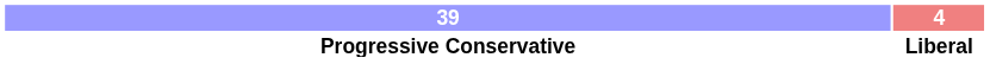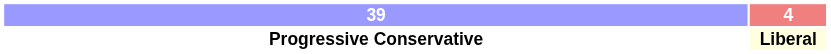 <table style="width:60%; text-align:center;">
 <tr style="color:white;">
 <td style="background:#9999FF; width:90.70%;"><strong>39</strong></td>
 <td style="background:#F08080; width:9.30%;"><strong>4</strong></td>
 </tr>
 <tr>
 <td><span><strong>Progressive Conservative</strong></span></td>
-<td><span><strong>Liberal</strong></span></td>
+<td style="background: lightyellow;"><span><strong>Liberal</strong></span></td>
 </tr>
 </table>
